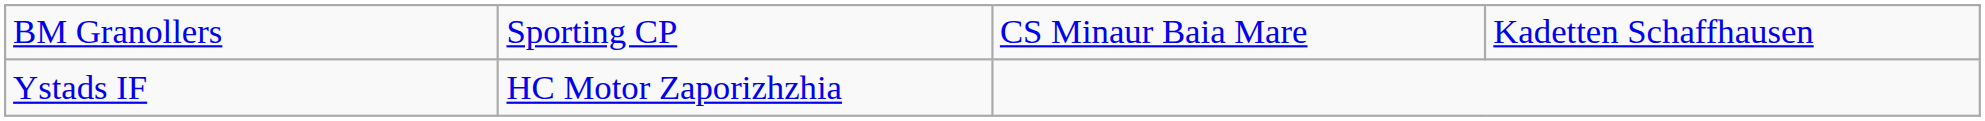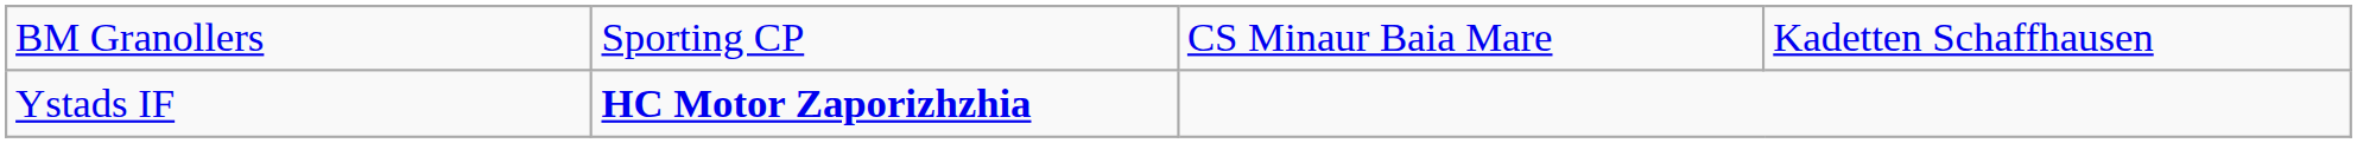 <table class="wikitable">
 <tr>
 <td width=220px> <a href='#'>BM Granollers</a></td>
 <td width=220px> <a href='#'>Sporting CP</a></td>
 <td width=220px> <a href='#'>CS Minaur Baia Mare</a></td>
 <td width=220px> <a href='#'>Kadetten Schaffhausen</a></td>
 </tr>
 <tr>
 <td> <a href='#'>Ystads IF</a></td>
-<td> <a href='#'>HC Motor Zaporizhzhia</a></td>
+<td><strong> <a href='#'>HC Motor Zaporizhzhia</a></strong></td>
 </tr>
 </table>
